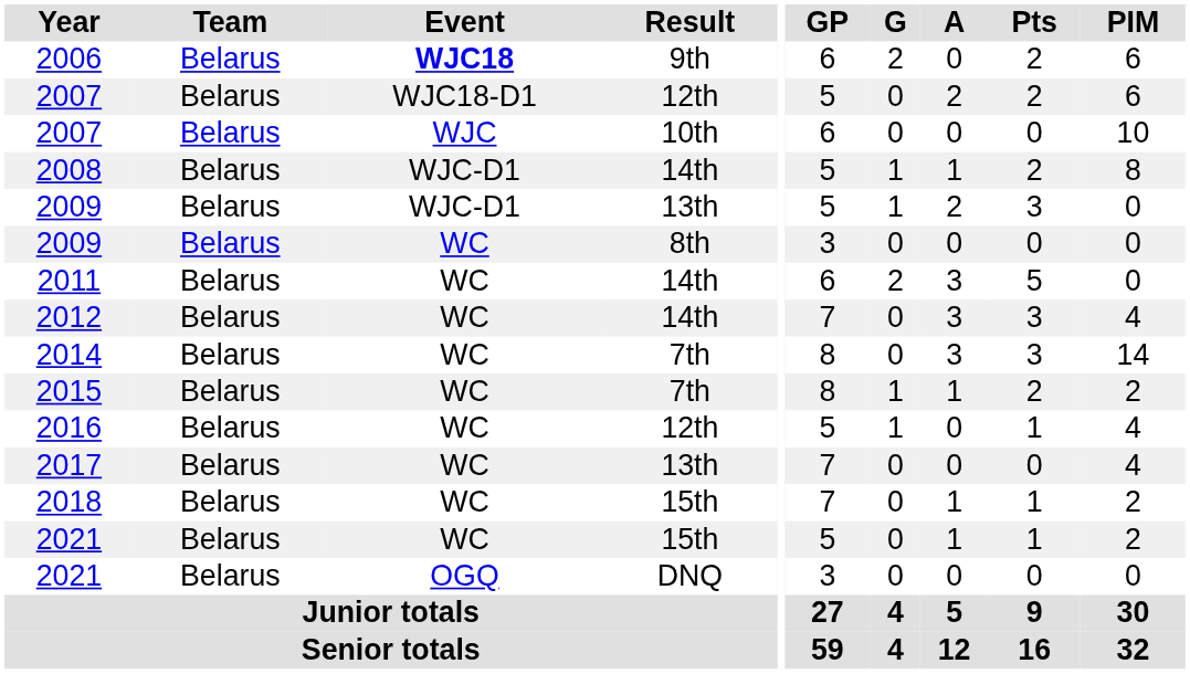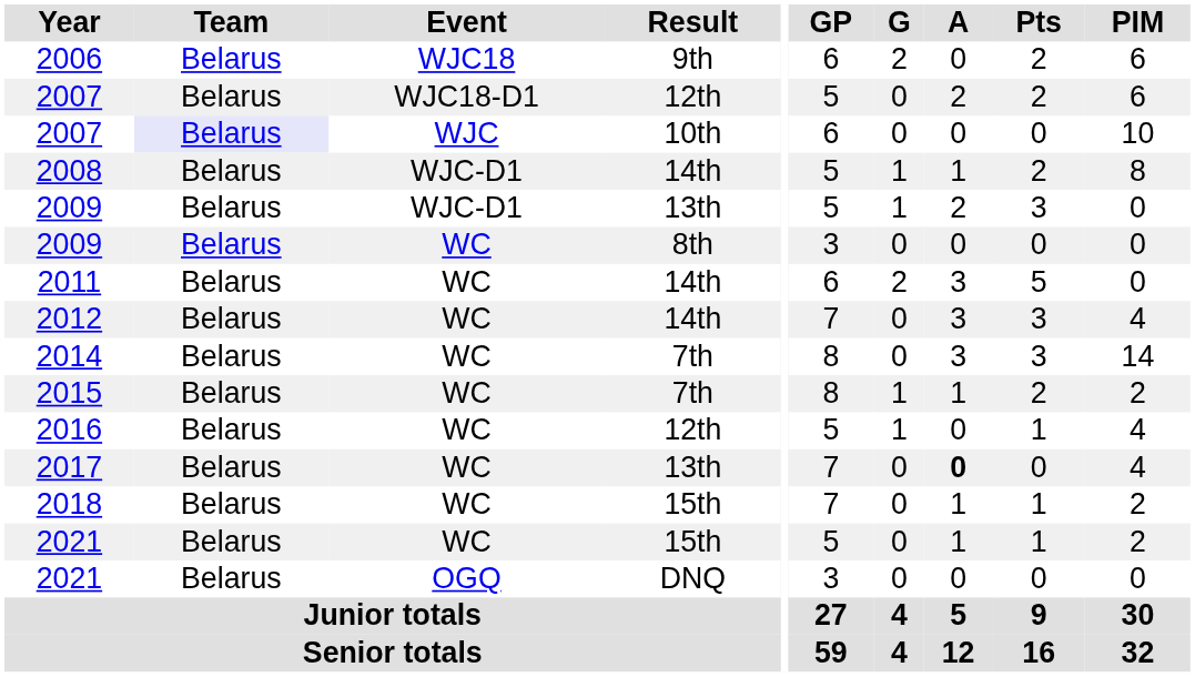 <table border="0" cellpadding="1" cellspacing="0" ID="Table3" style="text-align:center; width:40em">
 <tr ALIGN="center" bgcolor="#e0e0e0">
 <th>Year</th>
 <th>Team</th>
 <th>Event</th>
 <th>Result</th>
 <th rowspan="99" bgcolor="#ffffff"></th>
 <th>GP</th>
 <th>G</th>
 <th>A</th>
 <th>Pts</th>
 <th>PIM</th>
 </tr>
 <tr ALIGN="center">
 <td><a href='#'>2006</a></td>
 <td><a href='#'>Belarus</a></td>
-<td><strong><a href='#'>WJC18</a></strong></td>
+<td><a href='#'>WJC18</a></td>
 <td>9th</td>
 <td>6</td>
 <td>2</td>
 <td>0</td>
 <td>2</td>
 <td>6</td>
 </tr>
 <tr ALIGN="center" bgcolor="#f0f0f0">
 <td><a href='#'>2007</a></td>
 <td>Belarus</td>
 <td>WJC18-D1</td>
 <td>12th</td>
 <td>5</td>
 <td>0</td>
 <td>2</td>
 <td>2</td>
 <td>6</td>
 </tr>
 <tr ALIGN="center">
 <td><a href='#'>2007</a></td>
-<td><a href='#'>Belarus</a></td>
+<td style="background: lavender;"><a href='#'>Belarus</a></td>
 <td><a href='#'>WJC</a></td>
 <td>10th</td>
 <td>6</td>
 <td>0</td>
 <td>0</td>
 <td>0</td>
 <td>10</td>
 </tr>
 <tr ALIGN="center" bgcolor="#f0f0f0">
 <td><a href='#'>2008</a></td>
 <td>Belarus</td>
 <td>WJC-D1</td>
 <td>14th</td>
 <td>5</td>
 <td>1</td>
 <td>1</td>
 <td>2</td>
 <td>8</td>
 </tr>
 <tr ALIGN="center">
 <td><a href='#'>2009</a></td>
 <td>Belarus</td>
 <td>WJC-D1</td>
 <td>13th</td>
 <td>5</td>
 <td>1</td>
 <td>2</td>
 <td>3</td>
 <td>0</td>
 </tr>
 <tr ALIGN="center" bgcolor="#f0f0f0">
 <td><a href='#'>2009</a></td>
 <td><a href='#'>Belarus</a></td>
 <td><a href='#'>WC</a></td>
 <td>8th</td>
 <td>3</td>
 <td>0</td>
 <td>0</td>
 <td>0</td>
 <td>0</td>
 </tr>
 <tr ALIGN="center">
 <td><a href='#'>2011</a></td>
 <td>Belarus</td>
 <td>WC</td>
 <td>14th</td>
 <td>6</td>
 <td>2</td>
 <td>3</td>
 <td>5</td>
 <td>0</td>
 </tr>
 <tr ALIGN="center" bgcolor="#f0f0f0">
 <td><a href='#'>2012</a></td>
 <td>Belarus</td>
 <td>WC</td>
 <td>14th</td>
 <td>7</td>
 <td>0</td>
 <td>3</td>
 <td>3</td>
 <td>4</td>
 </tr>
 <tr ALIGN="center">
 <td><a href='#'>2014</a></td>
 <td>Belarus</td>
 <td>WC</td>
 <td>7th</td>
 <td>8</td>
 <td>0</td>
 <td>3</td>
 <td>3</td>
 <td>14</td>
 </tr>
 <tr ALIGN="center" bgcolor="#f0f0f0">
 <td><a href='#'>2015</a></td>
 <td>Belarus</td>
 <td>WC</td>
 <td>7th</td>
 <td>8</td>
 <td>1</td>
 <td>1</td>
 <td>2</td>
 <td>2</td>
 </tr>
 <tr ALIGN="center">
 <td><a href='#'>2016</a></td>
 <td>Belarus</td>
 <td>WC</td>
 <td>12th</td>
 <td>5</td>
 <td>1</td>
 <td>0</td>
 <td>1</td>
 <td>4</td>
 </tr>
 <tr ALIGN="center" bgcolor="#f0f0f0">
 <td><a href='#'>2017</a></td>
 <td>Belarus</td>
 <td>WC</td>
 <td>13th</td>
 <td>7</td>
 <td>0</td>
-<td>0</td>
+<td><strong>0</strong></td>
 <td>0</td>
 <td>4</td>
 </tr>
 <tr ALIGN="center">
 <td><a href='#'>2018</a></td>
 <td>Belarus</td>
 <td>WC</td>
 <td>15th</td>
 <td>7</td>
 <td>0</td>
 <td>1</td>
 <td>1</td>
 <td>2</td>
 </tr>
 <tr ALIGN="center" bgcolor="#f0f0f0">
 <td><a href='#'>2021</a></td>
 <td>Belarus</td>
 <td>WC</td>
 <td>15th</td>
 <td>5</td>
 <td>0</td>
 <td>1</td>
 <td>1</td>
 <td>2</td>
 </tr>
 <tr>
 <td><a href='#'>2021</a></td>
 <td>Belarus</td>
 <td><a href='#'>OGQ</a></td>
 <td>DNQ</td>
 <td>3</td>
 <td>0</td>
 <td>0</td>
 <td>0</td>
 <td>0</td>
 </tr>
 <tr ALIGN="center" bgcolor="#e0e0e0">
 <th colspan="4">Junior totals</th>
 <th ALIGN="center">27</th>
 <th ALIGN="center">4</th>
 <th ALIGN="center">5</th>
 <th ALIGN="center">9</th>
 <th ALIGN="center">30</th>
 </tr>
 <tr ALIGN="center" bgcolor="#e0e0e0">
 <th colspan="4">Senior totals</th>
 <th ALIGN="center">59</th>
 <th ALIGN="center">4</th>
 <th ALIGN="center">12</th>
 <th ALIGN="center">16</th>
 <th ALIGN="center">32</th>
 </tr>
 </table>
